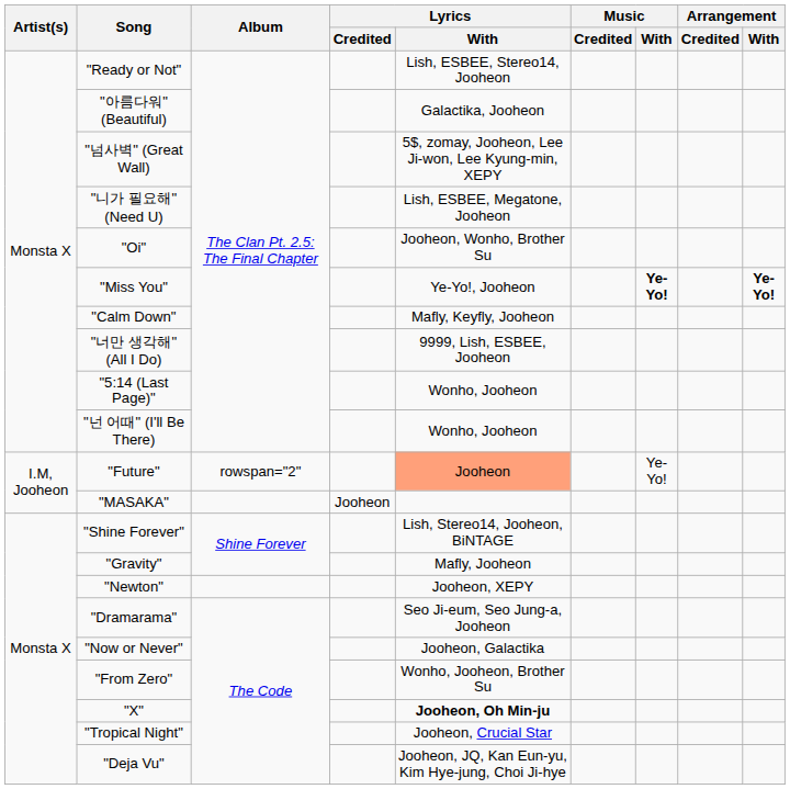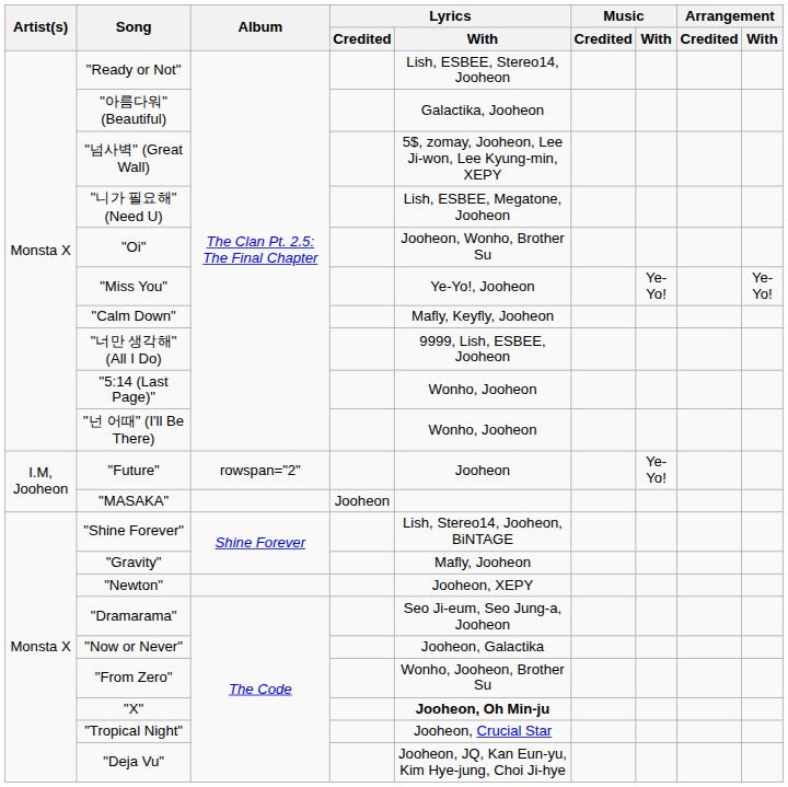 <table class="wikitable" style="text-align: center;">
 <tr>
 <th rowspan="2">Artist(s)</th>
 <th rowspan="2">Song</th>
 <th rowspan="2">Album</th>
 <th colspan="2">Lyrics</th>
 <th colspan="2">Music</th>
 <th colspan="2">Arrangement</th>
 </tr>
 <tr>
 <th>Credited</th>
 <th>With</th>
 <th>Credited</th>
 <th>With</th>
 <th>Credited</th>
 <th>With</th>
 </tr>
 <tr>
 <td rowspan="10">Monsta X</td>
 <td>"Ready or Not"</td>
 <td rowspan="10"><em><a href='#'>The Clan Pt. 2.5: The Final Chapter</a></em></td>
 <td></td>
 <td>Lish, ESBEE, Stereo14, Jooheon</td>
 <td></td>
 <td></td>
 <td></td>
 <td></td>
 </tr>
 <tr>
 <td>"아름다워" (Beautiful)</td>
 <td></td>
 <td>Galactika, Jooheon</td>
 <td></td>
 <td></td>
 <td></td>
 <td></td>
 </tr>
 <tr>
 <td>"넘사벽" (Great Wall)</td>
 <td></td>
 <td>5$, zomay, Jooheon, Lee Ji-won, Lee Kyung-min, XEPY</td>
 <td></td>
 <td></td>
 <td></td>
 <td></td>
 </tr>
 <tr>
 <td>"니가 필요해" (Need U)</td>
 <td></td>
 <td>Lish, ESBEE, Megatone, Jooheon</td>
 <td></td>
 <td></td>
 <td></td>
 <td></td>
 </tr>
 <tr>
 <td>"Oi"</td>
 <td></td>
 <td>Jooheon, Wonho, Brother Su</td>
 <td></td>
 <td></td>
 <td></td>
 <td></td>
 </tr>
 <tr>
 <td>"Miss You"</td>
 <td></td>
 <td>Ye-Yo!, Jooheon</td>
 <td></td>
-<td><strong>Ye-Yo!</strong></td>
+<td>Ye-Yo!</td>
 <td></td>
-<td><strong>Ye-Yo!</strong></td>
+<td>Ye-Yo!</td>
 </tr>
 <tr>
 <td>"Calm Down"</td>
 <td></td>
 <td>Mafly, Keyfly, Jooheon</td>
 <td></td>
 <td></td>
 <td></td>
 <td></td>
 </tr>
 <tr>
 <td>"너만 생각해" (All I Do)</td>
 <td></td>
 <td>9999, Lish, ESBEE, Jooheon</td>
 <td></td>
 <td></td>
 <td></td>
 <td></td>
 </tr>
 <tr>
 <td>"5:14 (Last Page)"</td>
 <td></td>
 <td>Wonho, Jooheon</td>
 <td></td>
 <td></td>
 <td></td>
 <td></td>
 </tr>
 <tr>
 <td>"넌 어때" (I'll Be There)</td>
 <td></td>
 <td>Wonho, Jooheon</td>
 <td></td>
 <td></td>
 <td></td>
 <td></td>
 </tr>
 <tr>
 <td rowspan="2">I.M, Jooheon</td>
 <td>"Future"</td>
 <td>rowspan="2" </td>
 <td></td>
-<td style="background: lightsalmon;">Jooheon</td>
+<td>Jooheon</td>
 <td></td>
 <td>Ye-Yo!</td>
 <td></td>
 <td></td>
 </tr>
 <tr>
 <td>"MASAKA"</td>
 <td></td>
 <td>Jooheon</td>
 <td></td>
 <td></td>
 <td></td>
 <td></td>
 </tr>
 <tr>
 <td rowspan="9">Monsta X</td>
 <td>"Shine Forever"</td>
 <td rowspan="2"><em><a href='#'>Shine Forever</a></em></td>
 <td></td>
 <td>Lish, Stereo14, Jooheon, BiNTAGE</td>
 <td></td>
 <td></td>
 <td></td>
 <td></td>
 </tr>
 <tr>
 <td>"Gravity"</td>
 <td></td>
 <td>Mafly, Jooheon</td>
 <td></td>
 <td></td>
 <td></td>
 <td></td>
 </tr>
 <tr>
 <td>"Newton"</td>
 <td></td>
 <td></td>
 <td>Jooheon, XEPY</td>
 <td></td>
 <td></td>
 <td></td>
 <td></td>
 </tr>
 <tr>
 <td>"Dramarama"</td>
 <td rowspan="7"><em><a href='#'>The Code</a></em></td>
 <td></td>
 <td>Seo Ji-eum, Seo Jung-a, Jooheon</td>
 <td></td>
 <td></td>
 <td></td>
 <td></td>
 </tr>
 <tr>
 <td>"Now or Never"</td>
 <td></td>
 <td>Jooheon, Galactika</td>
 <td></td>
 <td></td>
 <td></td>
 <td></td>
 </tr>
 <tr>
 <td>"From Zero"</td>
 <td></td>
 <td>Wonho, Jooheon, Brother Su</td>
 <td></td>
 <td></td>
 <td></td>
 <td></td>
 </tr>
 <tr>
 <td>"X"</td>
 <td></td>
 <td><strong>Jooheon, Oh Min-ju</strong></td>
 <td></td>
 <td></td>
 <td></td>
 <td></td>
 </tr>
 <tr>
 <td>"Tropical Night"</td>
 <td></td>
 <td>Jooheon, <a href='#'>Crucial Star</a></td>
 <td></td>
 <td></td>
 <td></td>
 <td></td>
 </tr>
 <tr>
 <td>"Deja Vu"</td>
 <td></td>
 <td>Jooheon, JQ, Kan Eun-yu, Kim Hye-jung, Choi Ji-hye</td>
 <td></td>
 <td></td>
 <td></td>
 <td></td>
 </tr>
 </table>
